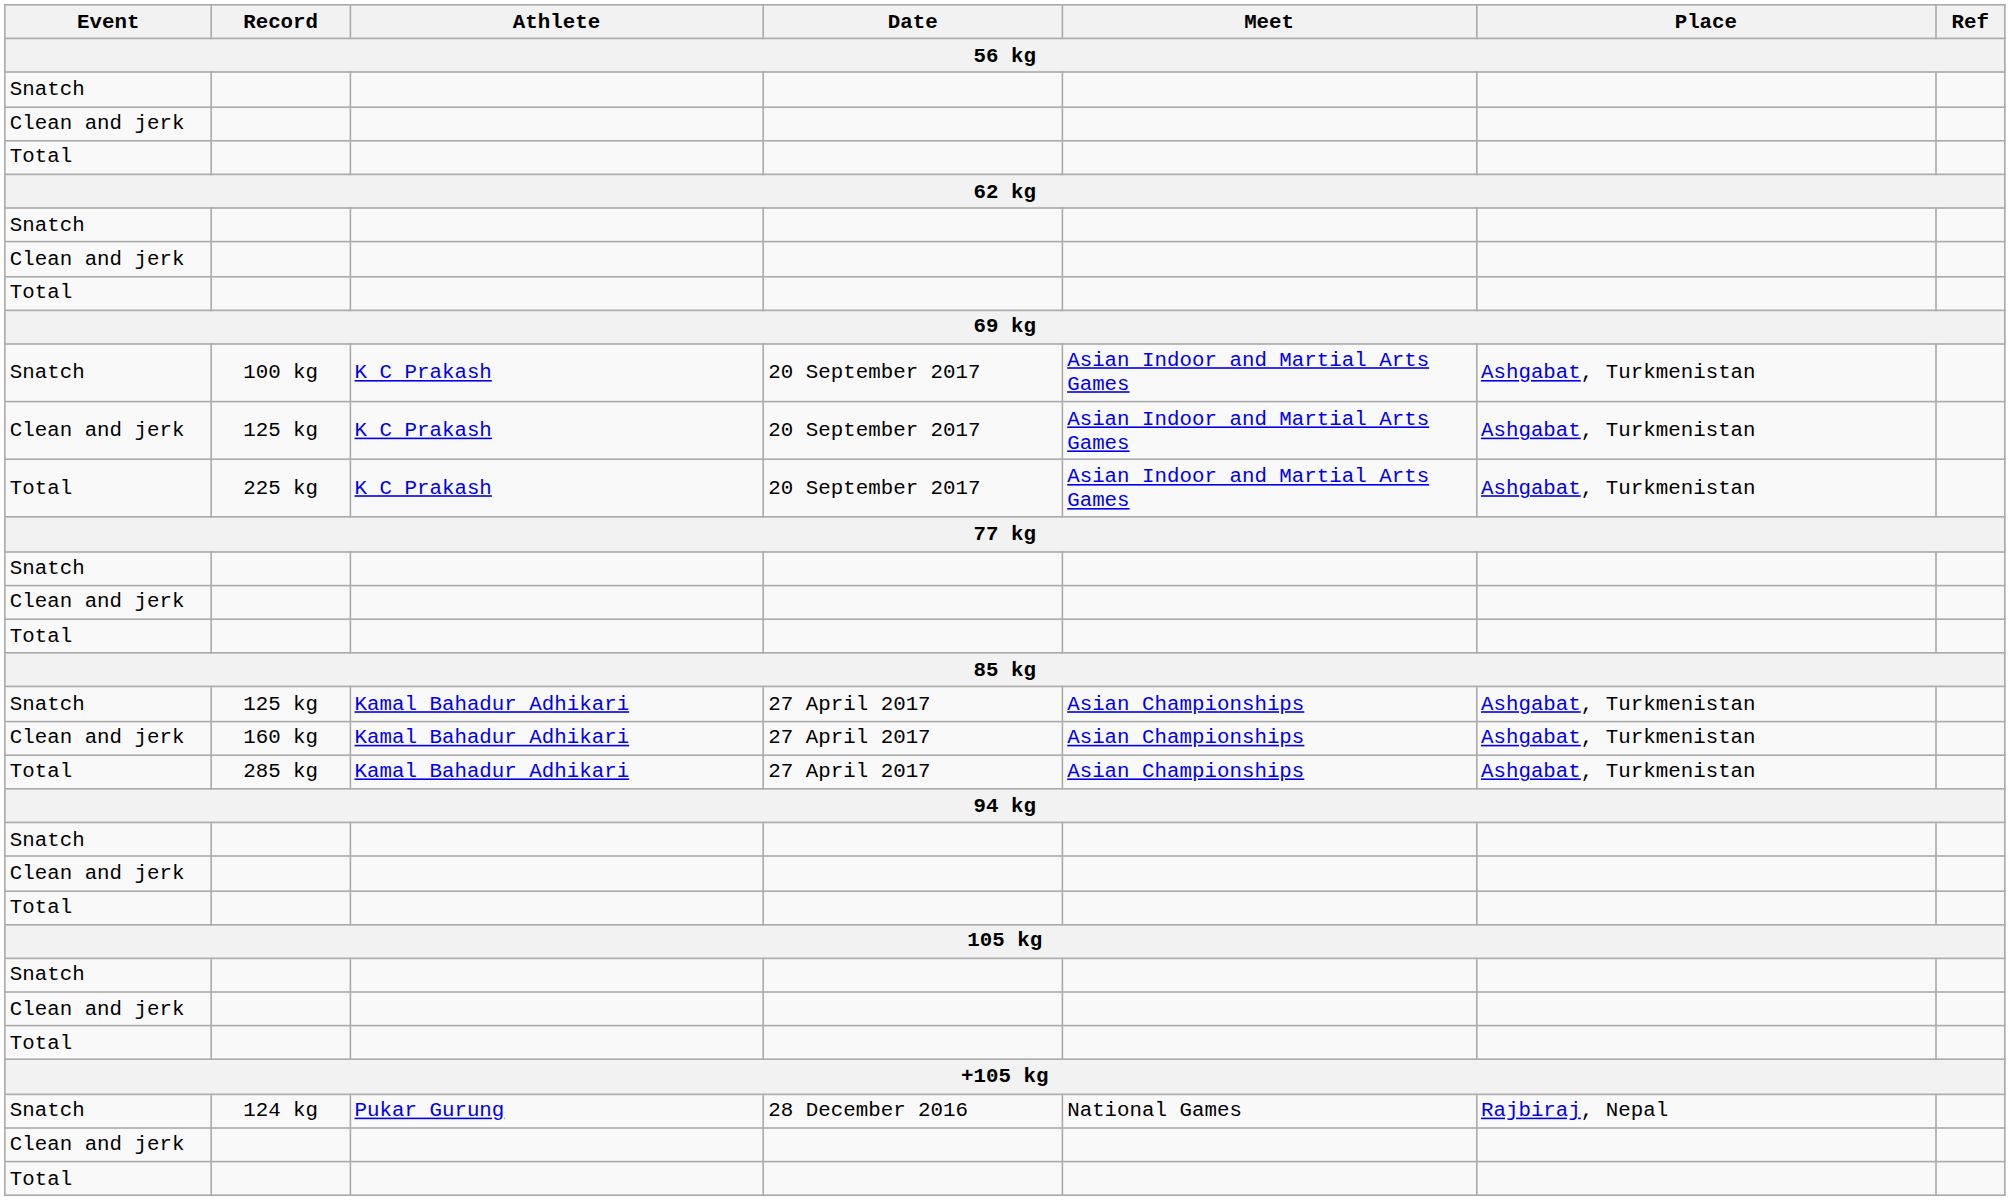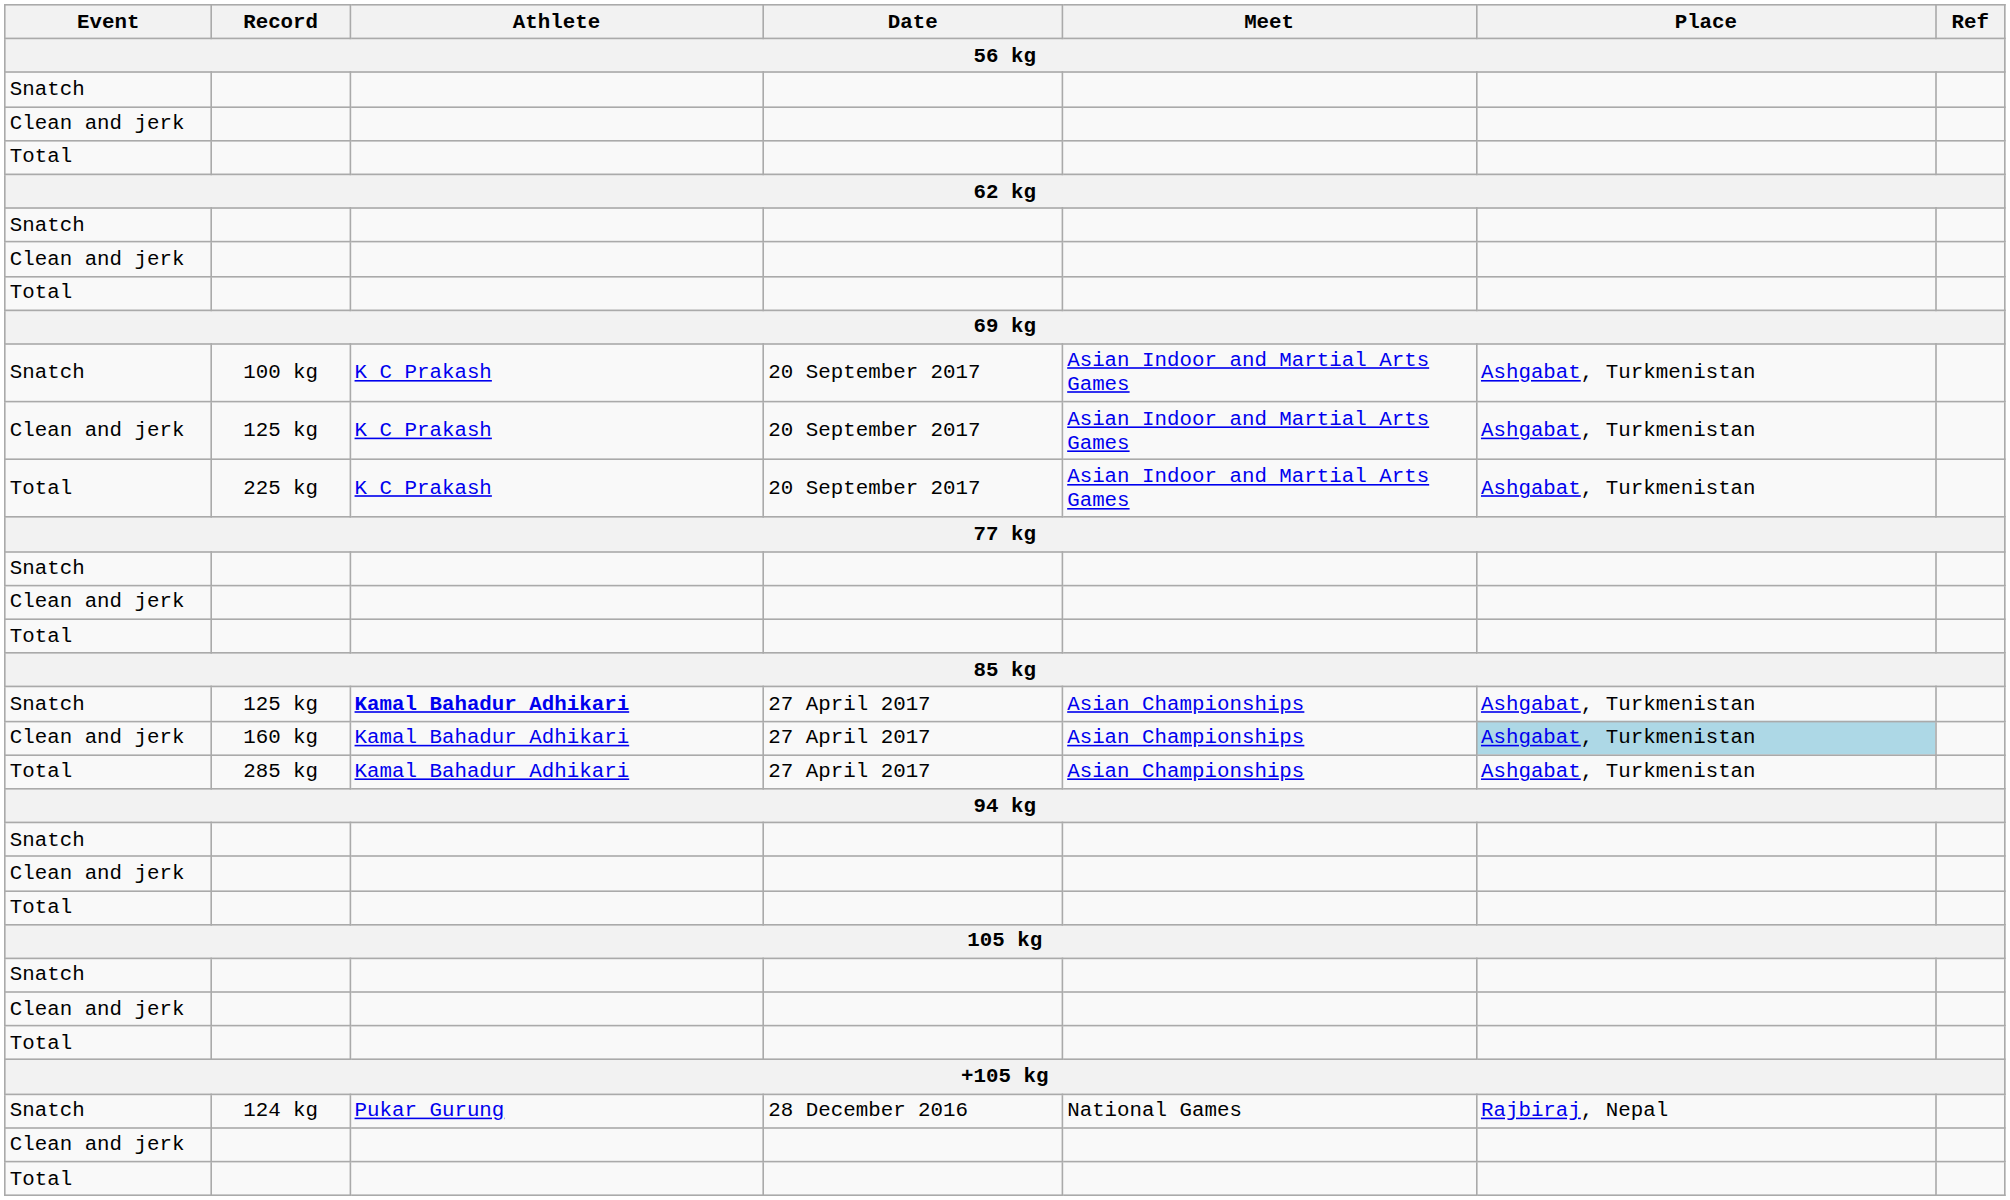 <table class="wikitable">
 <tr>
 <th width=9%>Event</th>
 <th width=6%>Record</th>
 <th width=18%>Athlete</th>
 <th width=13%>Date</th>
 <th width=18%>Meet</th>
 <th width=20%>Place</th>
 <th width=3%>Ref</th>
 </tr>
 <tr bgcolor="#DDDDDD">
 <th colspan="8">56 kg</th>
 </tr>
 <tr>
 <td>Snatch</td>
 <td></td>
 <td></td>
 <td></td>
 <td></td>
 <td></td>
 <td></td>
 </tr>
 <tr>
 <td>Clean and jerk</td>
 <td></td>
 <td></td>
 <td></td>
 <td></td>
 <td></td>
 <td></td>
 </tr>
 <tr>
 <td>Total</td>
 <td></td>
 <td></td>
 <td></td>
 <td></td>
 <td></td>
 <td></td>
 </tr>
 <tr bgcolor="#DDDDDD">
 <th colspan="8">62 kg</th>
 </tr>
 <tr>
 <td>Snatch</td>
 <td></td>
 <td></td>
 <td></td>
 <td></td>
 <td></td>
 <td></td>
 </tr>
 <tr>
 <td>Clean and jerk</td>
 <td></td>
 <td></td>
 <td></td>
 <td></td>
 <td></td>
 <td></td>
 </tr>
 <tr>
 <td>Total</td>
 <td></td>
 <td></td>
 <td></td>
 <td></td>
 <td></td>
 <td></td>
 </tr>
 <tr bgcolor="#DDDDDD">
 <th colspan="8">69 kg</th>
 </tr>
 <tr>
 <td>Snatch</td>
 <td align="center">100 kg</td>
 <td><a href='#'>K C Prakash</a></td>
 <td>20 September 2017</td>
 <td><a href='#'>Asian Indoor and Martial Arts Games</a></td>
 <td> <a href='#'>Ashgabat</a>, Turkmenistan</td>
 <td></td>
 </tr>
 <tr>
 <td>Clean and jerk</td>
 <td align="center">125 kg</td>
 <td><a href='#'>K C Prakash</a></td>
 <td>20 September 2017</td>
 <td><a href='#'>Asian Indoor and Martial Arts Games</a></td>
 <td> <a href='#'>Ashgabat</a>, Turkmenistan</td>
 <td></td>
 </tr>
 <tr>
 <td>Total</td>
 <td align="center">225 kg</td>
 <td><a href='#'>K C Prakash</a></td>
 <td>20 September 2017</td>
 <td><a href='#'>Asian Indoor and Martial Arts Games</a></td>
 <td> <a href='#'>Ashgabat</a>, Turkmenistan</td>
 <td></td>
 </tr>
 <tr bgcolor="#DDDDDD">
 <th colspan="8">77 kg</th>
 </tr>
 <tr>
 <td>Snatch</td>
 <td></td>
 <td></td>
 <td></td>
 <td></td>
 <td></td>
 <td></td>
 </tr>
 <tr>
 <td>Clean and jerk</td>
 <td></td>
 <td></td>
 <td></td>
 <td></td>
 <td></td>
 <td></td>
 </tr>
 <tr>
 <td>Total</td>
 <td></td>
 <td></td>
 <td></td>
 <td></td>
 <td></td>
 <td></td>
 </tr>
 <tr bgcolor="#DDDDDD">
 <th colspan="8">85 kg</th>
 </tr>
 <tr>
 <td>Snatch</td>
 <td align="center">125 kg</td>
-<td><a href='#'>Kamal Bahadur Adhikari</a></td>
+<td><strong><a href='#'>Kamal Bahadur Adhikari</a></strong></td>
 <td>27 April 2017</td>
 <td><a href='#'>Asian Championships</a></td>
 <td> <a href='#'>Ashgabat</a>, Turkmenistan</td>
 <td></td>
 </tr>
 <tr>
 <td>Clean and jerk</td>
 <td align="center">160 kg</td>
 <td><a href='#'>Kamal Bahadur Adhikari</a></td>
 <td>27 April 2017</td>
 <td><a href='#'>Asian Championships</a></td>
-<td> <a href='#'>Ashgabat</a>, Turkmenistan</td>
+<td style="background: lightblue;"> <a href='#'>Ashgabat</a>, Turkmenistan</td>
 <td></td>
 </tr>
 <tr>
 <td>Total</td>
 <td align="center">285 kg</td>
 <td><a href='#'>Kamal Bahadur Adhikari</a></td>
 <td>27 April 2017</td>
 <td><a href='#'>Asian Championships</a></td>
 <td> <a href='#'>Ashgabat</a>, Turkmenistan</td>
 <td></td>
 </tr>
 <tr bgcolor="#DDDDDD">
 <th colspan="8">94 kg</th>
 </tr>
 <tr>
 <td>Snatch</td>
 <td></td>
 <td></td>
 <td></td>
 <td></td>
 <td></td>
 <td></td>
 </tr>
 <tr>
 <td>Clean and jerk</td>
 <td></td>
 <td></td>
 <td></td>
 <td></td>
 <td></td>
 <td></td>
 </tr>
 <tr>
 <td>Total</td>
 <td></td>
 <td></td>
 <td></td>
 <td></td>
 <td></td>
 <td></td>
 </tr>
 <tr bgcolor="#DDDDDD">
 <th colspan="8">105 kg</th>
 </tr>
 <tr>
 <td>Snatch</td>
 <td></td>
 <td></td>
 <td></td>
 <td></td>
 <td></td>
 <td></td>
 </tr>
 <tr>
 <td>Clean and jerk</td>
 <td></td>
 <td></td>
 <td></td>
 <td></td>
 <td></td>
 <td></td>
 </tr>
 <tr>
 <td>Total</td>
 <td></td>
 <td></td>
 <td></td>
 <td></td>
 <td></td>
 <td></td>
 </tr>
 <tr bgcolor="#DDDDDD">
 <th colspan="8">+105 kg</th>
 </tr>
 <tr>
 <td>Snatch</td>
 <td align="center">124 kg</td>
 <td><a href='#'>Pukar Gurung</a></td>
 <td>28 December 2016</td>
 <td>National Games</td>
 <td> <a href='#'>Rajbiraj</a>, Nepal</td>
 <td></td>
 </tr>
 <tr>
 <td>Clean and jerk</td>
 <td></td>
 <td></td>
 <td></td>
 <td></td>
 <td></td>
 <td></td>
 </tr>
 <tr>
 <td>Total</td>
 <td></td>
 <td></td>
 <td></td>
 <td></td>
 <td></td>
 <td></td>
 </tr>
 </table>
